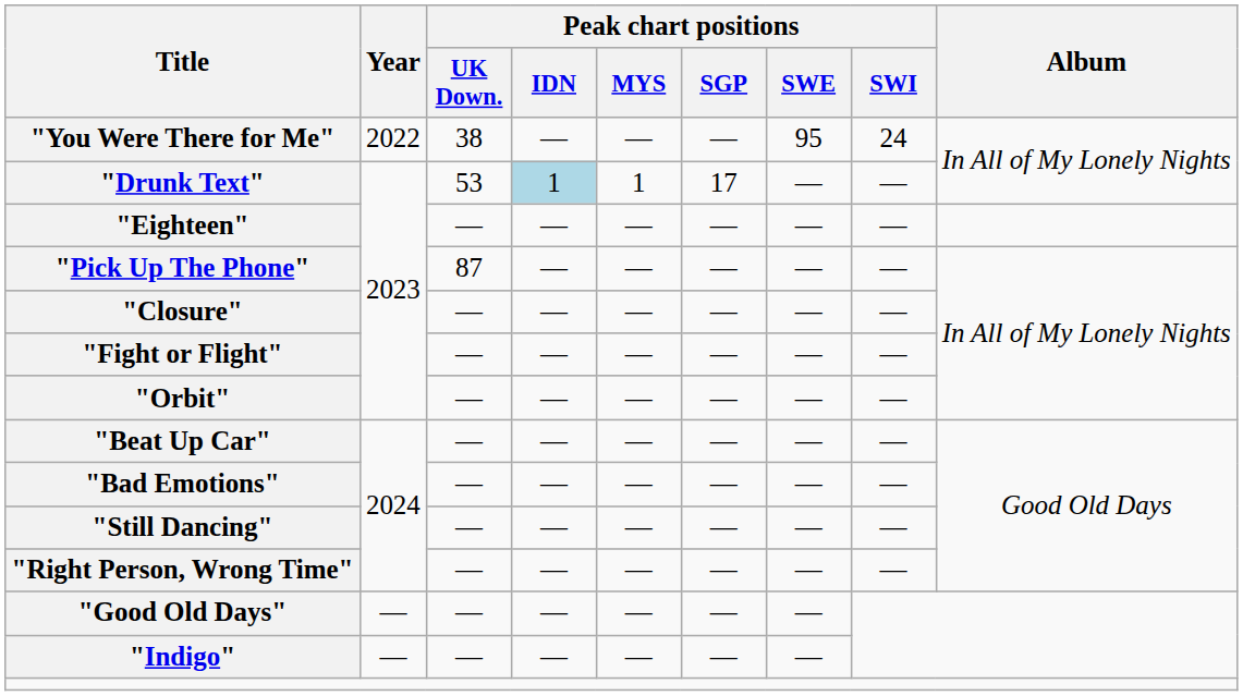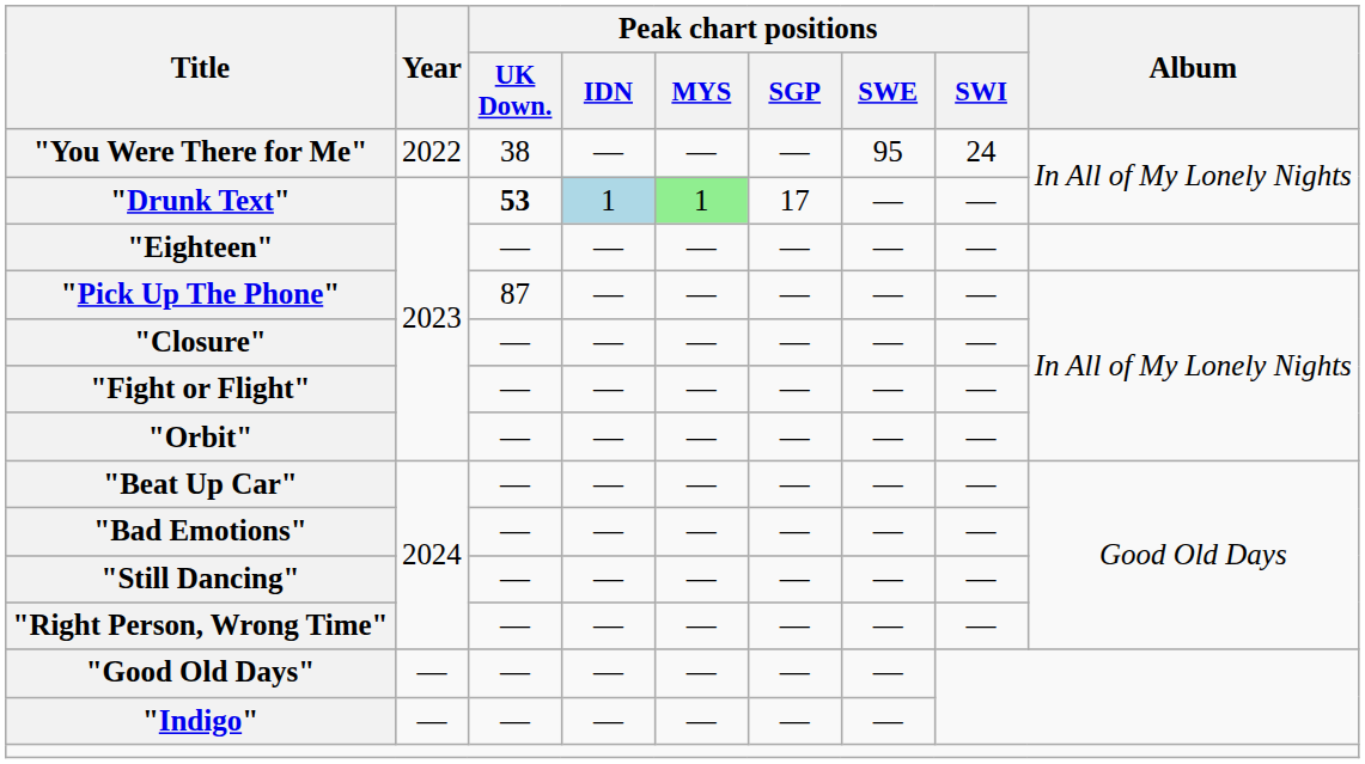 <table class="wikitable plainrowheaders" style="text-align:center;">
 <tr>
 <th rowspan="2" scope="col">Title</th>
 <th rowspan="2" scope="col">Year</th>
 <th colspan="6" scope="col">Peak chart positions</th>
 <th rowspan="2" scope="col">Album</th>
 </tr>
 <tr>
 <th scope="col" style="width:3em;font-size:90%;"><a href='#'>UK<br>Down.</a><br></th>
 <th scope="col" style="width:3em;font-size:90%;"><a href='#'>IDN</a><br></th>
 <th scope="col" style="width:3em;font-size:90%;"><a href='#'>MYS</a><br></th>
 <th scope="col" style="width:3em;font-size:90%;"><a href='#'>SGP</a><br></th>
 <th scope="col" style="width:3em;font-size:90%;"><a href='#'>SWE</a><br></th>
 <th scope="col" style="width:3em;font-size:90%;"><a href='#'>SWI</a><br></th>
 </tr>
 <tr>
 <th scope="row">"You Were There for Me"</th>
 <td>2022</td>
 <td>38</td>
 <td>—</td>
 <td>—</td>
 <td>—</td>
 <td>95</td>
 <td>24</td>
 <td rowspan="2"><em>In All of My Lonely Nights</em></td>
 </tr>
 <tr>
 <th scope="row">"<a href='#'>Drunk Text</a>"</th>
 <td rowspan="6">2023</td>
-<td>53</td>
+<td><strong>53</strong></td>
 <td style="background: lightblue;">1</td>
-<td>1</td>
+<td style="background: lightgreen;">1</td>
 <td>17</td>
 <td>—</td>
 <td>—</td>
 </tr>
 <tr>
 <th scope="row">"Eighteen"</th>
 <td>—</td>
 <td>—</td>
 <td>—</td>
 <td>—</td>
 <td>—</td>
 <td>—</td>
 <td></td>
 </tr>
 <tr>
 <th scope="row">"<a href='#'>Pick Up The Phone</a>"</th>
 <td>87</td>
 <td>—</td>
 <td>—</td>
 <td>—</td>
 <td>—</td>
 <td>—</td>
 <td rowspan="4"><em>In All of My Lonely Nights</em></td>
 </tr>
 <tr>
 <th scope="row">"Closure"</th>
 <td>—</td>
 <td>—</td>
 <td>—</td>
 <td>—</td>
 <td>—</td>
 <td>—</td>
 </tr>
 <tr>
 <th scope="row">"Fight or Flight"</th>
 <td>—</td>
 <td>—</td>
 <td>—</td>
 <td>—</td>
 <td>—</td>
 <td>—</td>
 </tr>
 <tr>
 <th scope="row">"Orbit"</th>
 <td>—</td>
 <td>—</td>
 <td>—</td>
 <td>—</td>
 <td>—</td>
 <td>—</td>
 </tr>
 <tr>
 <th scope="row">"Beat Up Car"</th>
 <td rowspan="4">2024</td>
 <td>—</td>
 <td>—</td>
 <td>—</td>
 <td>—</td>
 <td>—</td>
 <td>—</td>
 <td rowspan="4"><em>Good Old Days</em></td>
 </tr>
 <tr>
 <th scope="row">"Bad Emotions"</th>
 <td>—</td>
 <td>—</td>
 <td>—</td>
 <td>—</td>
 <td>—</td>
 <td>—</td>
 </tr>
 <tr>
 <th scope="row">"Still Dancing"</th>
 <td>—</td>
 <td>—</td>
 <td>—</td>
 <td>—</td>
 <td>—</td>
 <td>—</td>
 </tr>
 <tr>
 <th scope="row">"Right Person, Wrong Time"</th>
 <td>—</td>
 <td>—</td>
 <td>—</td>
 <td>—</td>
 <td>—</td>
 <td>—</td>
 </tr>
 <tr>
 <th scope="row">"Good Old Days"</th>
 <td>—</td>
 <td>—</td>
 <td>—</td>
 <td>—</td>
 <td>—</td>
 <td>—</td>
 </tr>
 <tr>
 <th scope="row">"<a href='#'>Indigo</a>"</th>
 <td>—</td>
 <td>—</td>
 <td>—</td>
 <td>—</td>
 <td>—</td>
 <td>—</td>
 </tr>
 <tr>
 <td colspan="9"></td>
 </tr>
 </table>
